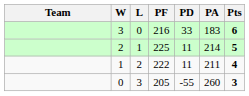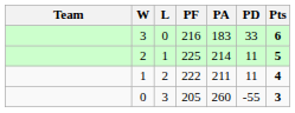 <table class="wikitable" style="text-align:center;">
 <tr>
 <th width=150>Team</th>
 <th width=20>W</th>
 <th width=20>L</th>
 <th width=30>PF</th>
+<th width=30>PA</th>
 <th width=30>PD</th>
-<th width=30>PA</th>
 <th width=20>Pts</th>
 </tr>
 <tr bgcolor="#ccffcc">
 <td align="left"></td>
 <td>3</td>
 <td>0</td>
 <td>216</td>
+<td>183</td>
 <td>33</td>
-<td>183</td>
 <td><strong>6</strong></td>
 </tr>
 <tr bgcolor="#ccffcc">
 <td align="left"></td>
 <td>2</td>
 <td>1</td>
 <td>225</td>
+<td>214</td>
 <td>11</td>
-<td>214</td>
 <td><strong>5</strong></td>
 </tr>
 <tr>
 <td align="left"></td>
 <td>1</td>
 <td>2</td>
 <td>222</td>
+<td>211</td>
 <td>11</td>
-<td>211</td>
 <td><strong>4</strong></td>
 </tr>
 <tr>
 <td align="left"></td>
 <td>0</td>
 <td>3</td>
 <td>205</td>
+<td>260</td>
 <td>-55</td>
-<td>260</td>
 <td><strong>3</strong></td>
 </tr>
 </table>
